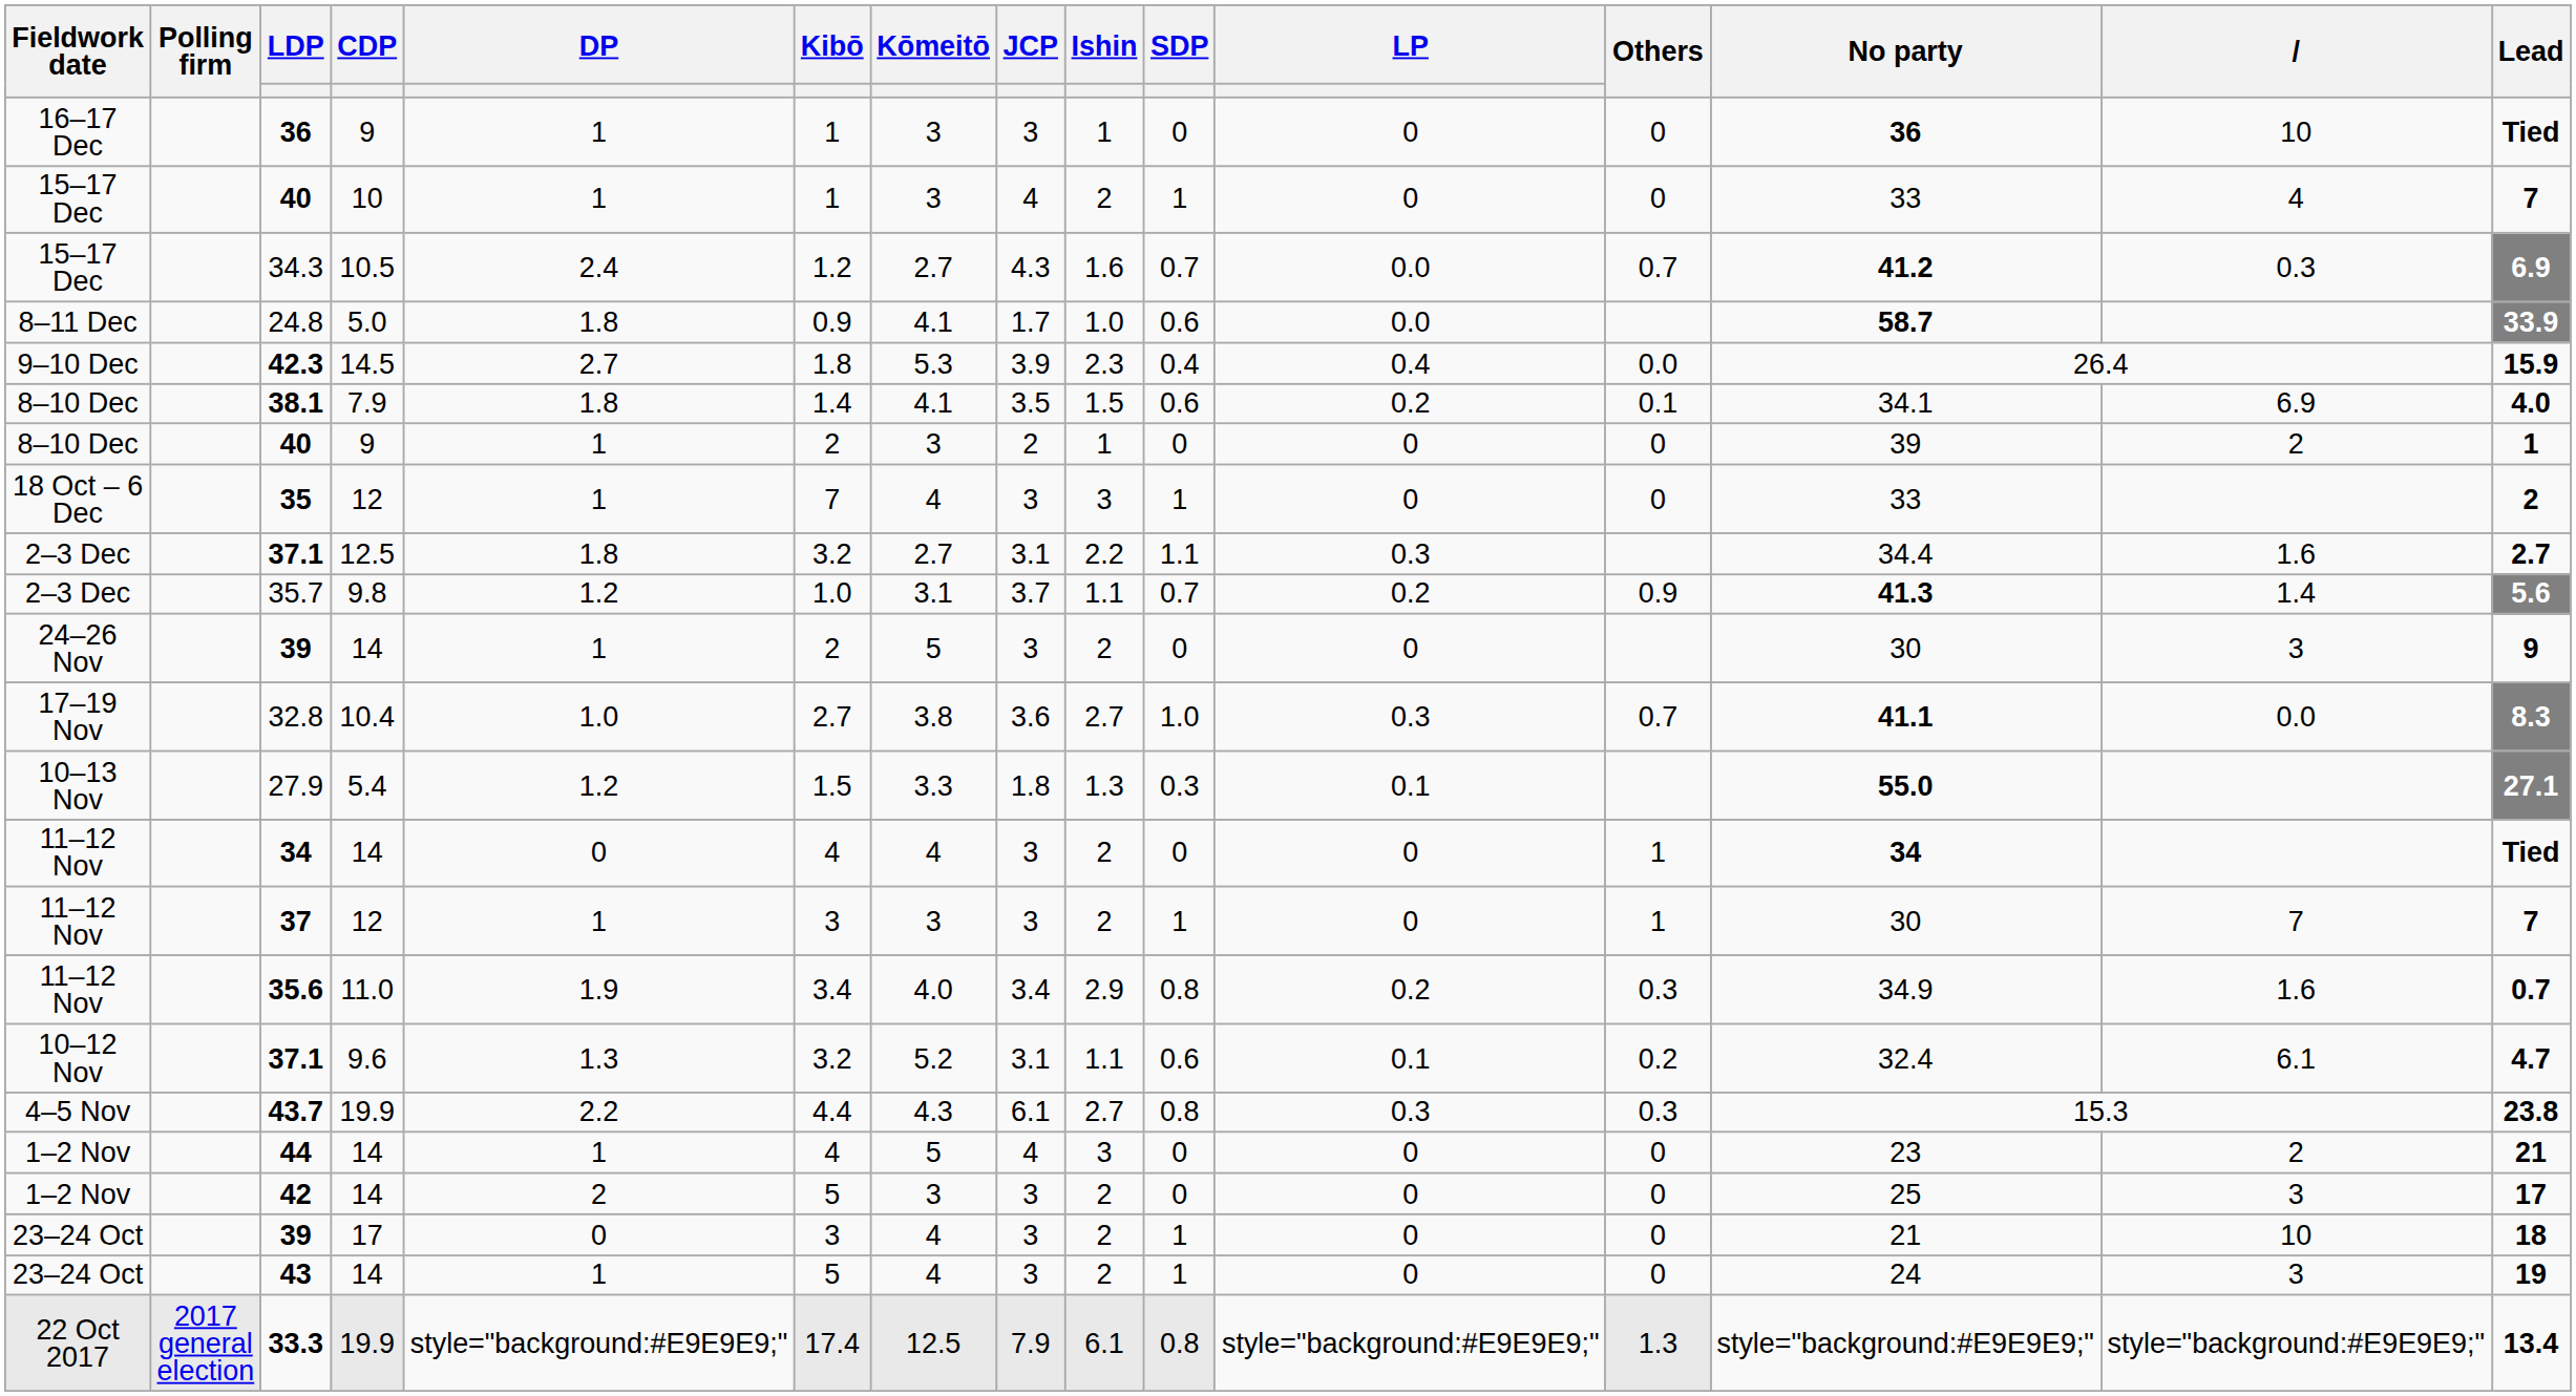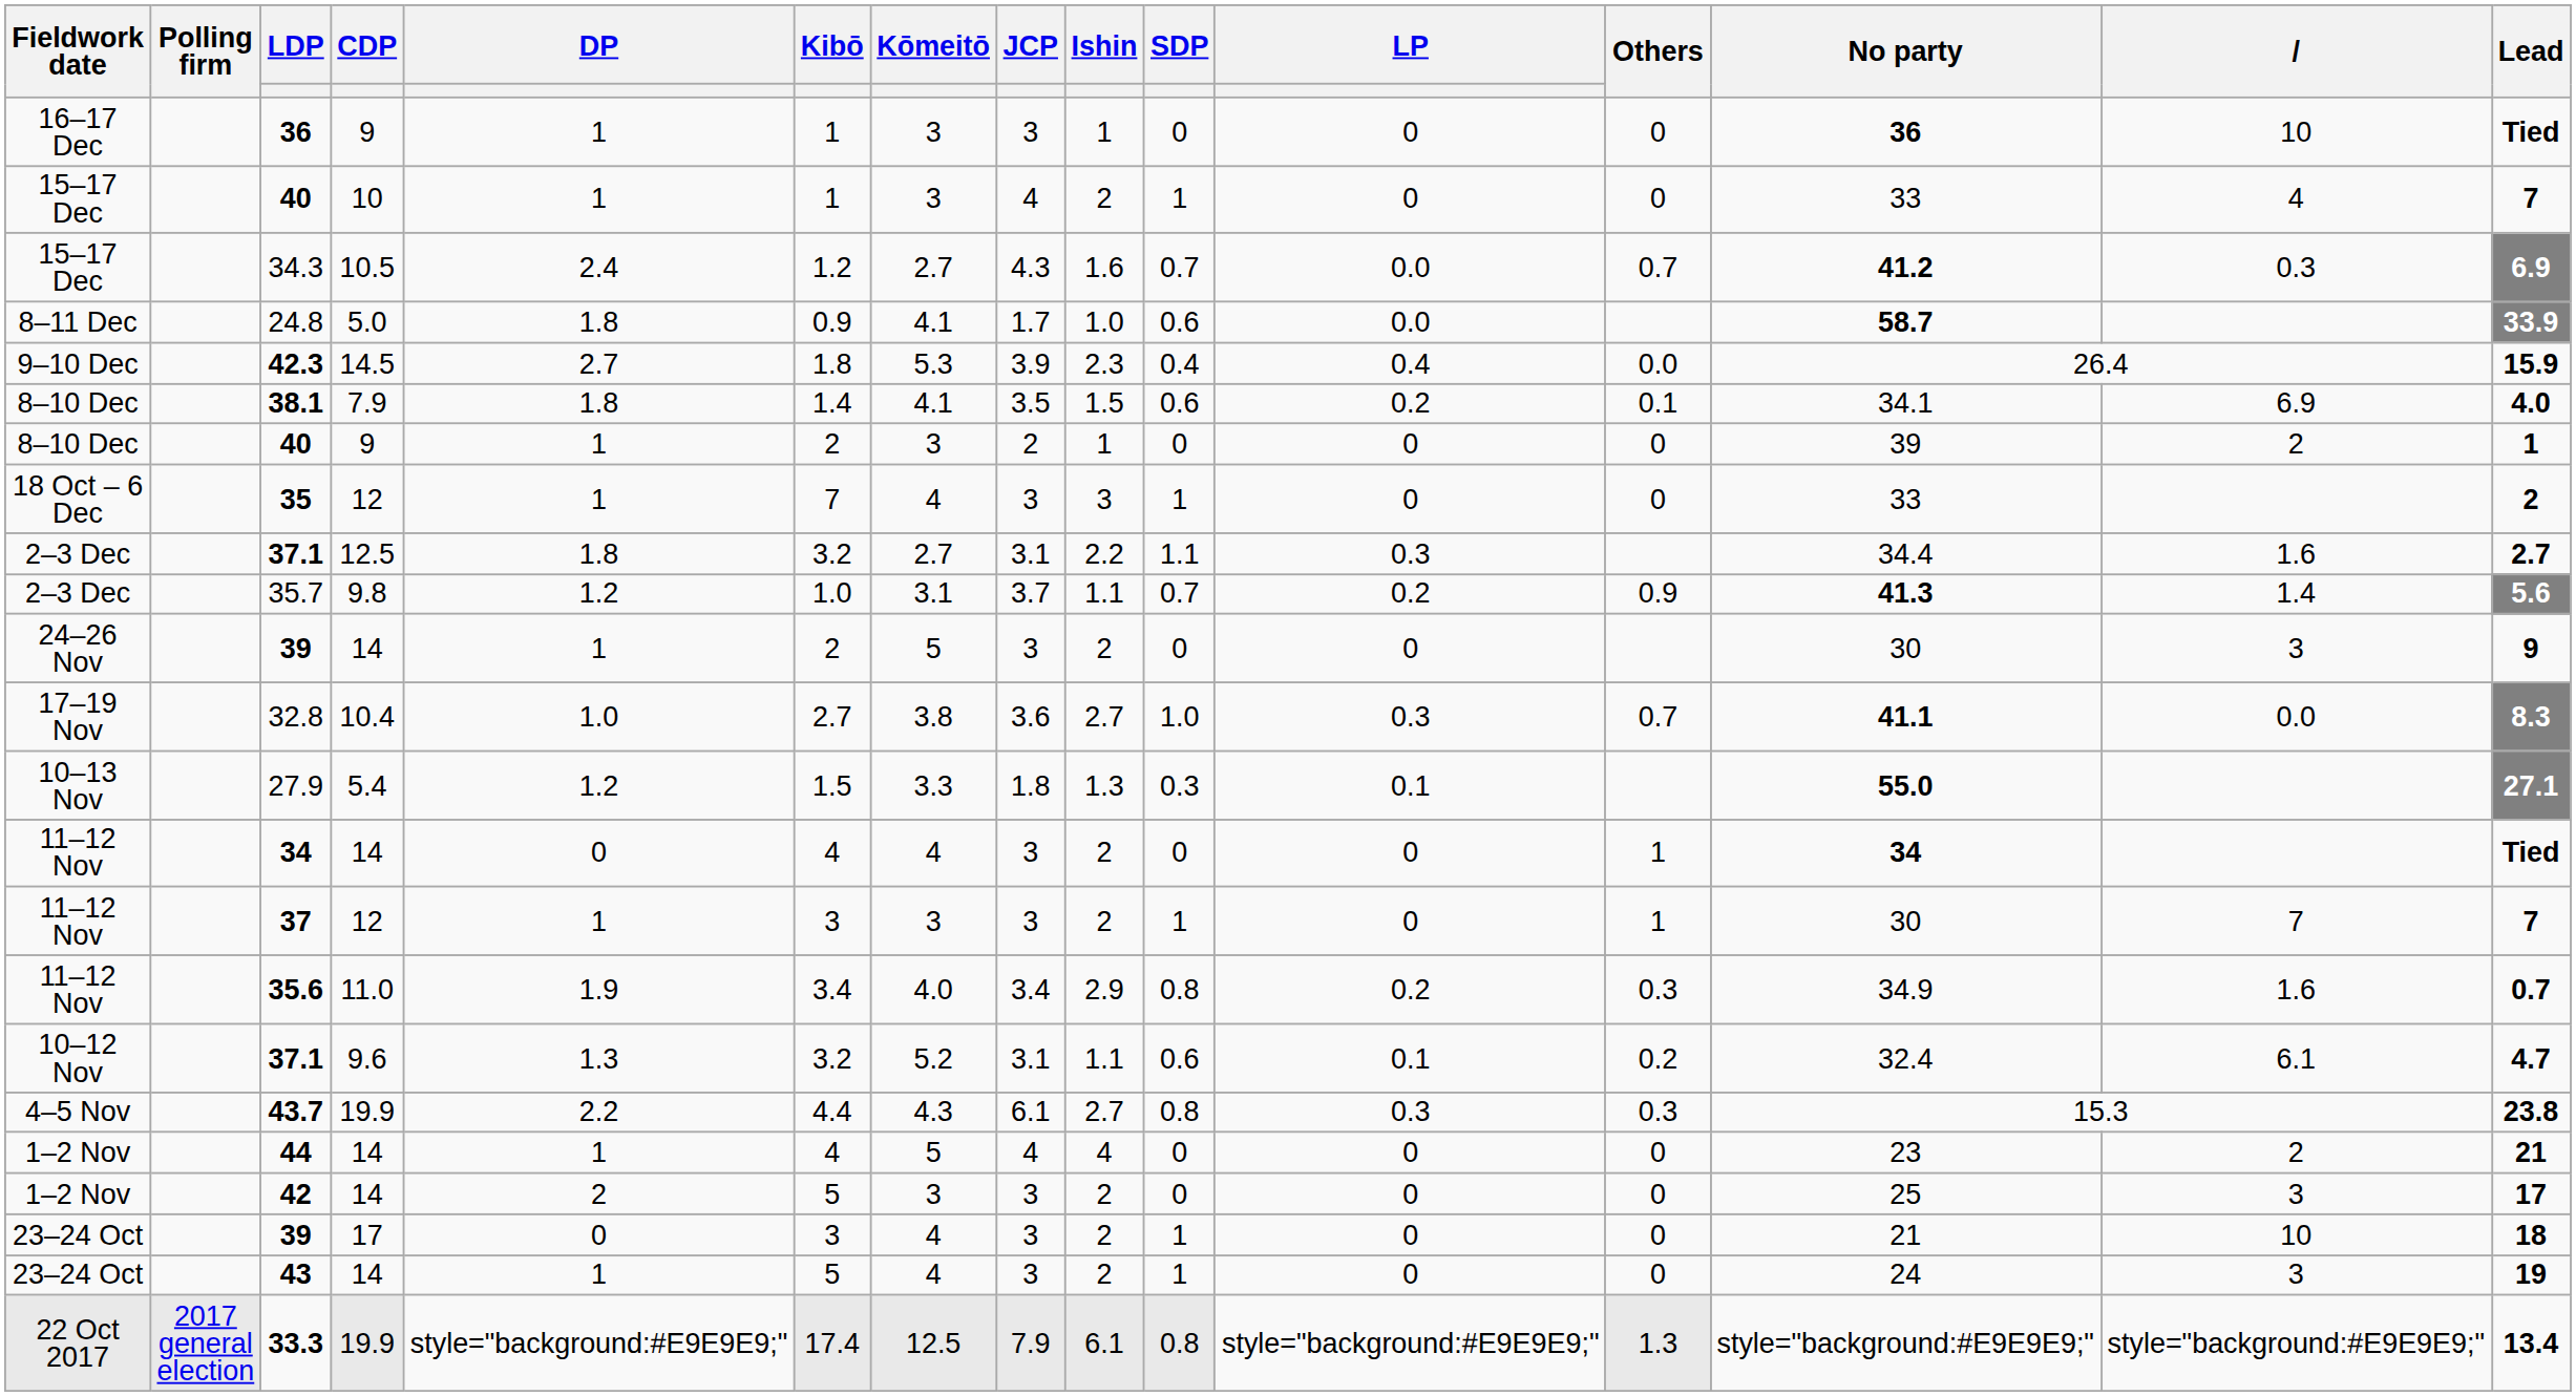 <table class="wikitable mw-datatable sortable mw-collapsible mw-collapsed" style="text-align:center;font-size:90%;line-height:14px;">
 <tr style="height:40px;">
 <th class="unsortable" rowspan="2" width=100px>Fieldwork date</th>
 <th class="unsortable" rowspan="2" width=155px>Polling firm</th>
 <th class="unsortable" width=40px><a href='#'>LDP</a></th>
 <th class="unsortable" width=40px><a href='#'>CDP</a></th>
 <th class="unsortable" width=40px><a href='#'>DP</a></th>
 <th class="unsortable" width=40px><a href='#'>Kibō</a></th>
 <th class="unsortable" width=40px><a href='#'>Kōmeitō</a></th>
 <th class="unsortable" width=40px><a href='#'>JCP</a></th>
 <th class="unsortable" width=40px><a href='#'>Ishin</a></th>
 <th class="unsortable" width=40px><a href='#'>SDP</a></th>
 <th class="unsortable" width=40px><a href='#'>LP</a></th>
 <th rowspan="2" class="unsortable" width="40px">Others</th>
 <th class="unsortable" width=40px rowspan=2>No party</th>
 <th class="unsortable" width=40px rowspan=2>/<br></th>
 <th class="unsortable" width=40px rowspan=2>Lead</th>
 </tr>
 <tr>
 <th style="background: "></th>
 <th style="background: "></th>
 <th style="background: "></th>
 <th style="background: "></th>
 <th style="background: "></th>
 <th style="background: "></th>
 <th style="background: "></th>
 <th style="background: "></th>
 <th style="background: "></th>
 </tr>
 <tr>
 <td>16–17 Dec</td>
 <td></td>
 <td><strong>36</strong></td>
 <td>9</td>
 <td>1</td>
 <td>1</td>
 <td>3</td>
 <td>3</td>
 <td>1</td>
 <td>0</td>
 <td>0</td>
 <td>0</td>
 <td><strong>36</strong></td>
 <td>10</td>
 <td><strong>Tied</strong></td>
 </tr>
 <tr>
 <td>15–17 Dec</td>
 <td></td>
 <td><strong>40</strong></td>
 <td>10</td>
 <td>1</td>
 <td>1</td>
 <td>3</td>
 <td>4</td>
 <td>2</td>
 <td>1</td>
 <td>0</td>
 <td>0</td>
 <td>33</td>
 <td>4</td>
 <td style="background:"><strong>7</strong></td>
 </tr>
 <tr>
 <td>15–17 Dec</td>
 <td> </td>
 <td>34.3</td>
 <td>10.5</td>
 <td>2.4</td>
 <td>1.2</td>
 <td>2.7</td>
 <td>4.3</td>
 <td>1.6</td>
 <td>0.7</td>
 <td>0.0</td>
 <td>0.7</td>
 <td><strong>41.2</strong></td>
 <td>0.3</td>
 <td style="background:gray; color:white"><strong>6.9</strong></td>
 </tr>
 <tr>
 <td>8–11 Dec</td>
 <td> </td>
 <td>24.8</td>
 <td>5.0</td>
 <td>1.8</td>
 <td>0.9</td>
 <td>4.1</td>
 <td>1.7</td>
 <td>1.0</td>
 <td>0.6</td>
 <td>0.0</td>
 <td></td>
 <td><strong>58.7</strong></td>
 <td></td>
 <td style="background:gray; color:white"><strong>33.9</strong></td>
 </tr>
 <tr>
 <td>9–10 Dec</td>
 <td> </td>
 <td><strong>42.3</strong></td>
 <td>14.5</td>
 <td>2.7</td>
 <td>1.8</td>
 <td>5.3</td>
 <td>3.9</td>
 <td>2.3</td>
 <td>0.4</td>
 <td>0.4</td>
 <td>0.0</td>
 <td colspan="2">26.4</td>
 <td style="background:"><strong>15.9</strong></td>
 </tr>
 <tr>
 <td>8–10 Dec</td>
 <td></td>
 <td><strong>38.1</strong></td>
 <td>7.9</td>
 <td>1.8</td>
 <td>1.4</td>
 <td>4.1</td>
 <td>3.5</td>
 <td>1.5</td>
 <td>0.6</td>
 <td>0.2</td>
 <td>0.1</td>
 <td>34.1</td>
 <td>6.9</td>
 <td style="background:"><strong>4.0</strong></td>
 </tr>
 <tr>
 <td>8–10 Dec</td>
 <td></td>
 <td><strong>40</strong></td>
 <td>9</td>
 <td>1</td>
 <td>2</td>
 <td>3</td>
 <td>2</td>
 <td>1</td>
 <td>0</td>
 <td>0</td>
 <td>0</td>
 <td>39</td>
 <td>2</td>
 <td style="background:"><strong>1</strong></td>
 </tr>
 <tr>
 <td>18 Oct – 6 Dec</td>
 <td></td>
 <td><strong>35</strong></td>
 <td>12</td>
 <td>1</td>
 <td>7</td>
 <td>4</td>
 <td>3</td>
 <td>3</td>
 <td>1</td>
 <td>0</td>
 <td>0</td>
 <td>33</td>
 <td></td>
 <td style="background:"><strong>2</strong></td>
 </tr>
 <tr>
 <td>2–3 Dec</td>
 <td></td>
 <td><strong>37.1</strong></td>
 <td>12.5</td>
 <td>1.8</td>
 <td>3.2</td>
 <td>2.7</td>
 <td>3.1</td>
 <td>2.2</td>
 <td>1.1</td>
 <td>0.3</td>
 <td></td>
 <td>34.4</td>
 <td>1.6</td>
 <td style="background:"><strong>2.7</strong></td>
 </tr>
 <tr>
 <td>2–3 Dec</td>
 <td></td>
 <td>35.7</td>
 <td>9.8</td>
 <td>1.2</td>
 <td>1.0</td>
 <td>3.1</td>
 <td>3.7</td>
 <td>1.1</td>
 <td>0.7</td>
 <td>0.2</td>
 <td>0.9</td>
 <td><strong>41.3</strong></td>
 <td>1.4</td>
 <td style="background:gray; color:white"><strong>5.6</strong></td>
 </tr>
 <tr>
 <td>24–26 Nov</td>
 <td></td>
 <td><strong>39</strong></td>
 <td>14</td>
 <td>1</td>
 <td>2</td>
 <td>5</td>
 <td>3</td>
 <td>2</td>
 <td>0</td>
 <td>0</td>
 <td></td>
 <td>30</td>
 <td>3</td>
 <td style="background:"><strong>9 </strong></td>
 </tr>
 <tr>
 <td>17–19 Nov</td>
 <td> </td>
 <td>32.8</td>
 <td>10.4</td>
 <td>1.0</td>
 <td>2.7</td>
 <td>3.8</td>
 <td>3.6</td>
 <td>2.7</td>
 <td>1.0</td>
 <td>0.3</td>
 <td>0.7</td>
 <td><strong>41.1</strong></td>
 <td>0.0</td>
 <td style="background:gray; color:white"><strong>8.3</strong></td>
 </tr>
 <tr>
 <td>10–13 Nov</td>
 <td> </td>
 <td>27.9</td>
 <td>5.4</td>
 <td>1.2</td>
 <td>1.5</td>
 <td>3.3</td>
 <td>1.8</td>
 <td>1.3</td>
 <td>0.3</td>
 <td>0.1</td>
 <td></td>
 <td><strong>55.0</strong></td>
 <td></td>
 <td style="background:gray; color:white"><strong>27.1</strong></td>
 </tr>
 <tr>
 <td>11–12 Nov</td>
 <td> </td>
 <td><strong>34</strong></td>
 <td>14</td>
 <td>0</td>
 <td>4</td>
 <td>4</td>
 <td>3</td>
 <td>2</td>
 <td>0</td>
 <td>0</td>
 <td>1</td>
 <td><strong>34</strong></td>
 <td></td>
 <td><strong>Tied</strong></td>
 </tr>
 <tr>
 <td>11–12 Nov</td>
 <td></td>
 <td><strong>37</strong></td>
 <td>12</td>
 <td>1</td>
 <td>3</td>
 <td>3</td>
 <td>3</td>
 <td>2</td>
 <td>1</td>
 <td>0</td>
 <td>1</td>
 <td>30</td>
 <td>7</td>
 <td style="background:"><strong>7</strong></td>
 </tr>
 <tr>
 <td>11–12 Nov</td>
 <td></td>
 <td><strong>35.6</strong></td>
 <td>11.0</td>
 <td>1.9</td>
 <td>3.4</td>
 <td>4.0</td>
 <td>3.4</td>
 <td>2.9</td>
 <td>0.8</td>
 <td>0.2</td>
 <td>0.3</td>
 <td>34.9</td>
 <td>1.6</td>
 <td style="background:"><strong>0.7</strong></td>
 </tr>
 <tr>
 <td>10–12 Nov</td>
 <td></td>
 <td><strong>37.1</strong></td>
 <td>9.6</td>
 <td>1.3</td>
 <td>3.2</td>
 <td>5.2</td>
 <td>3.1</td>
 <td>1.1</td>
 <td>0.6</td>
 <td>0.1</td>
 <td>0.2</td>
 <td>32.4</td>
 <td>6.1</td>
 <td style="background:"><strong>4.7</strong></td>
 </tr>
 <tr>
 <td>4–5 Nov</td>
 <td> </td>
 <td><strong>43.7</strong></td>
 <td>19.9</td>
 <td>2.2</td>
 <td>4.4</td>
 <td>4.3</td>
 <td>6.1</td>
 <td>2.7</td>
 <td>0.8</td>
 <td>0.3</td>
 <td>0.3</td>
 <td colspan="2">15.3</td>
 <td style="background:"><strong>23.8</strong></td>
 </tr>
 <tr>
 <td>1–2 Nov</td>
 <td></td>
 <td><strong>44</strong></td>
 <td>14</td>
 <td>1</td>
 <td>4</td>
 <td>5</td>
 <td>4</td>
-<td>3</td>
+<td>4</td>
 <td>0</td>
 <td>0</td>
 <td>0</td>
 <td>23</td>
 <td>2</td>
 <td style="background:"><strong>21</strong></td>
 </tr>
 <tr>
 <td>1–2 Nov</td>
 <td></td>
 <td><strong>42</strong></td>
 <td>14</td>
 <td>2</td>
 <td>5</td>
 <td>3</td>
 <td>3</td>
 <td>2</td>
 <td>0</td>
 <td>0</td>
 <td>0</td>
 <td>25</td>
 <td>3</td>
 <td style="background:"><strong>17</strong></td>
 </tr>
 <tr>
 <td>23–24 Oct</td>
 <td></td>
 <td><strong>39</strong></td>
 <td>17</td>
 <td>0</td>
 <td>3</td>
 <td>4</td>
 <td>3</td>
 <td>2</td>
 <td>1</td>
 <td>0</td>
 <td>0</td>
 <td>21</td>
 <td>10</td>
 <td style="background:"><strong>18</strong></td>
 </tr>
 <tr>
 <td>23–24 Oct</td>
 <td></td>
 <td><strong>43</strong></td>
 <td>14</td>
 <td>1</td>
 <td>5</td>
 <td>4</td>
 <td>3</td>
 <td>2</td>
 <td>1</td>
 <td>0</td>
 <td>0</td>
 <td>24</td>
 <td>3</td>
 <td style="background:"><strong>19</strong></td>
 </tr>
 <tr>
 <td style="background:#E9E9E9;" data-sort-value="2017-10-22">22 Oct 2017</td>
 <td style="background:#E9E9E9;"><a href='#'>2017 general election</a></td>
 <td><strong>33.3</strong></td>
 <td style="background:#E9E9E9;">19.9</td>
 <td>style="background:#E9E9E9;" </td>
 <td style="background:#E9E9E9;">17.4</td>
 <td style="background:#E9E9E9;">12.5</td>
 <td style="background:#E9E9E9;">7.9</td>
 <td style="background:#E9E9E9;">6.1</td>
 <td style="background:#E9E9E9;">0.8</td>
 <td>style="background:#E9E9E9;" </td>
 <td style="background:#E9E9E9;">1.3</td>
 <td>style="background:#E9E9E9;" </td>
 <td>style="background:#E9E9E9;" </td>
 <td style="background:"><strong>13.4</strong></td>
 </tr>
 </table>
